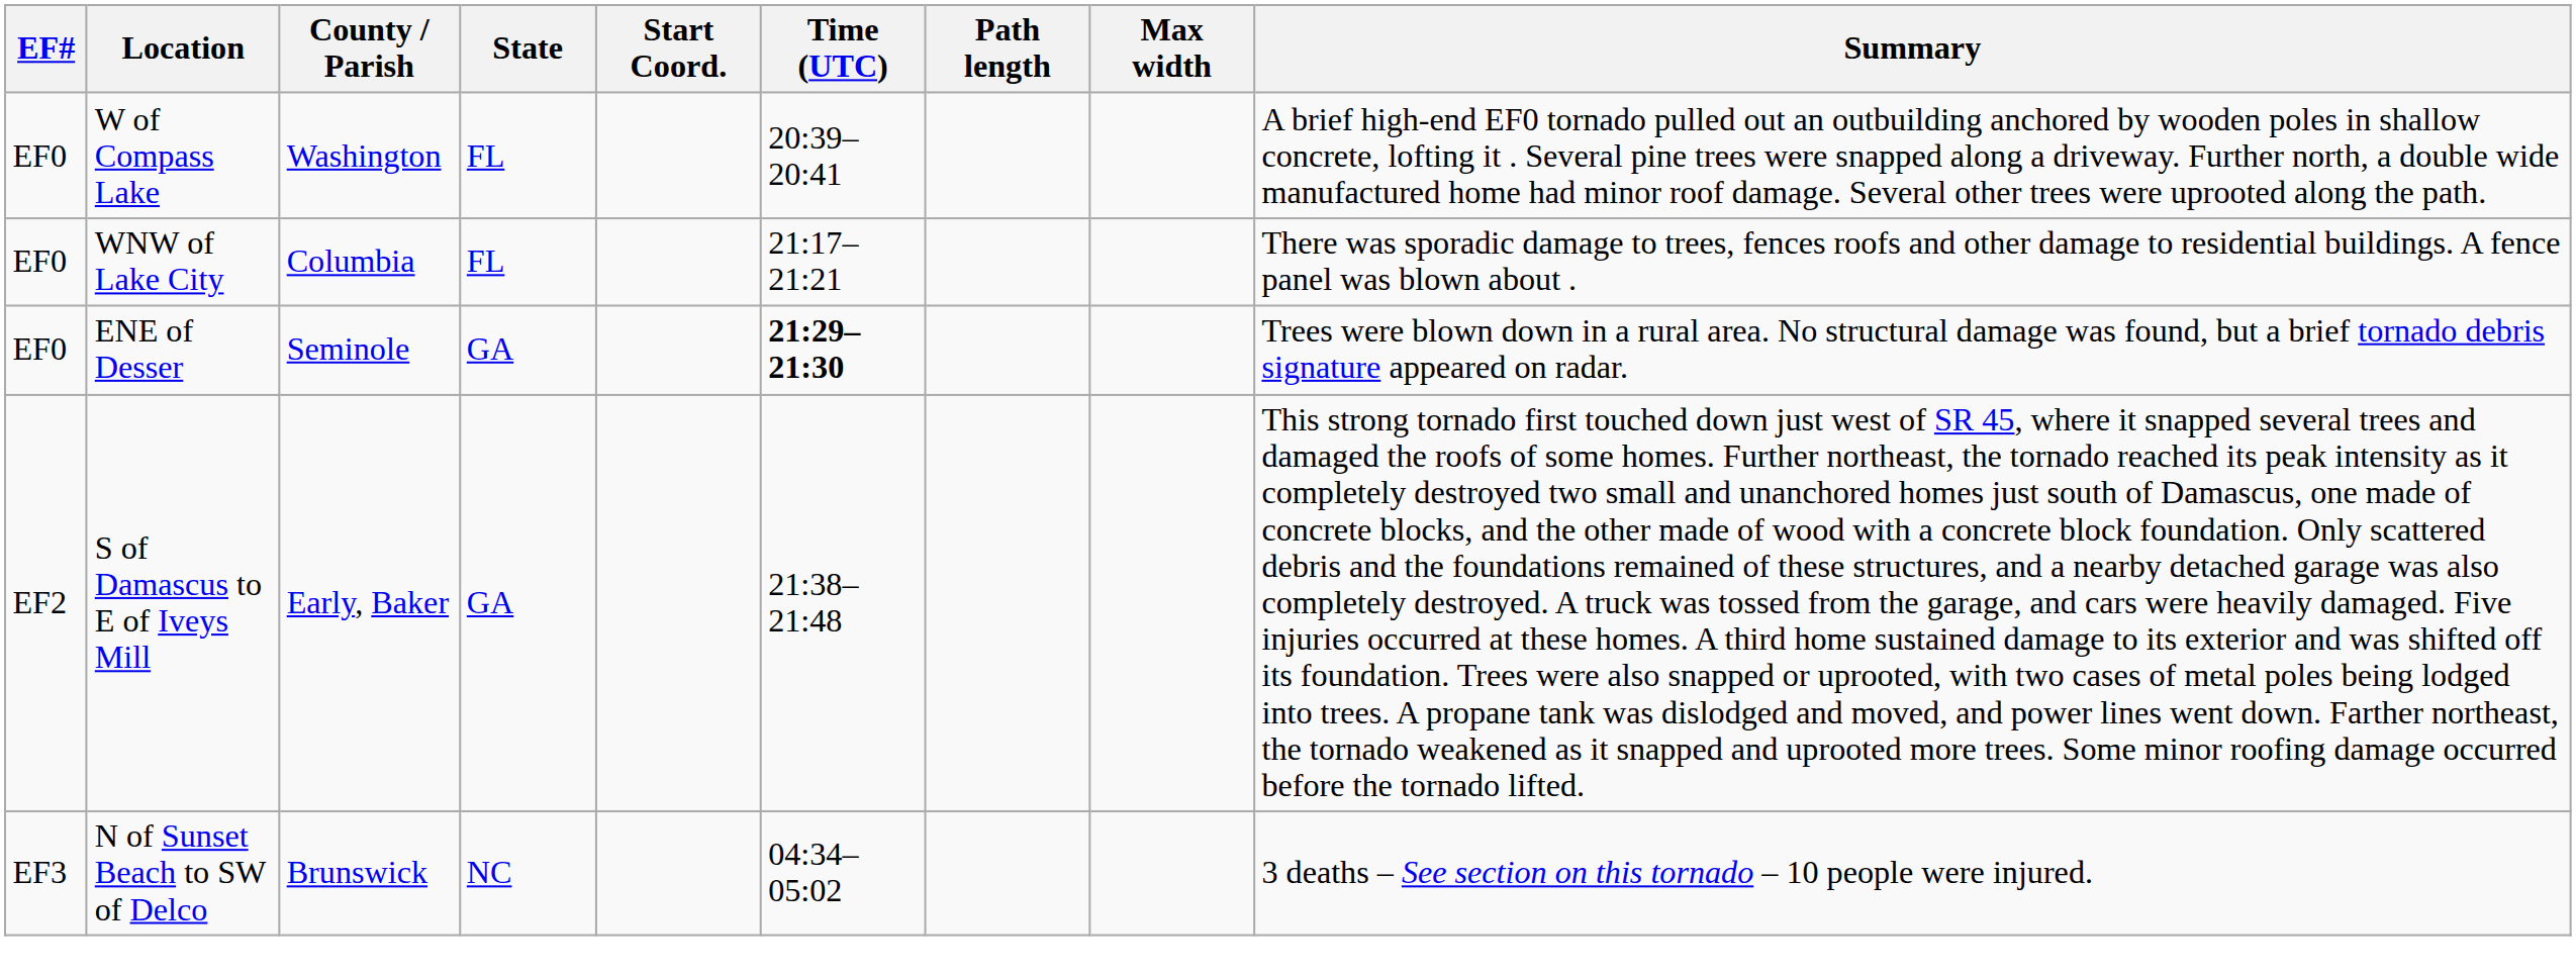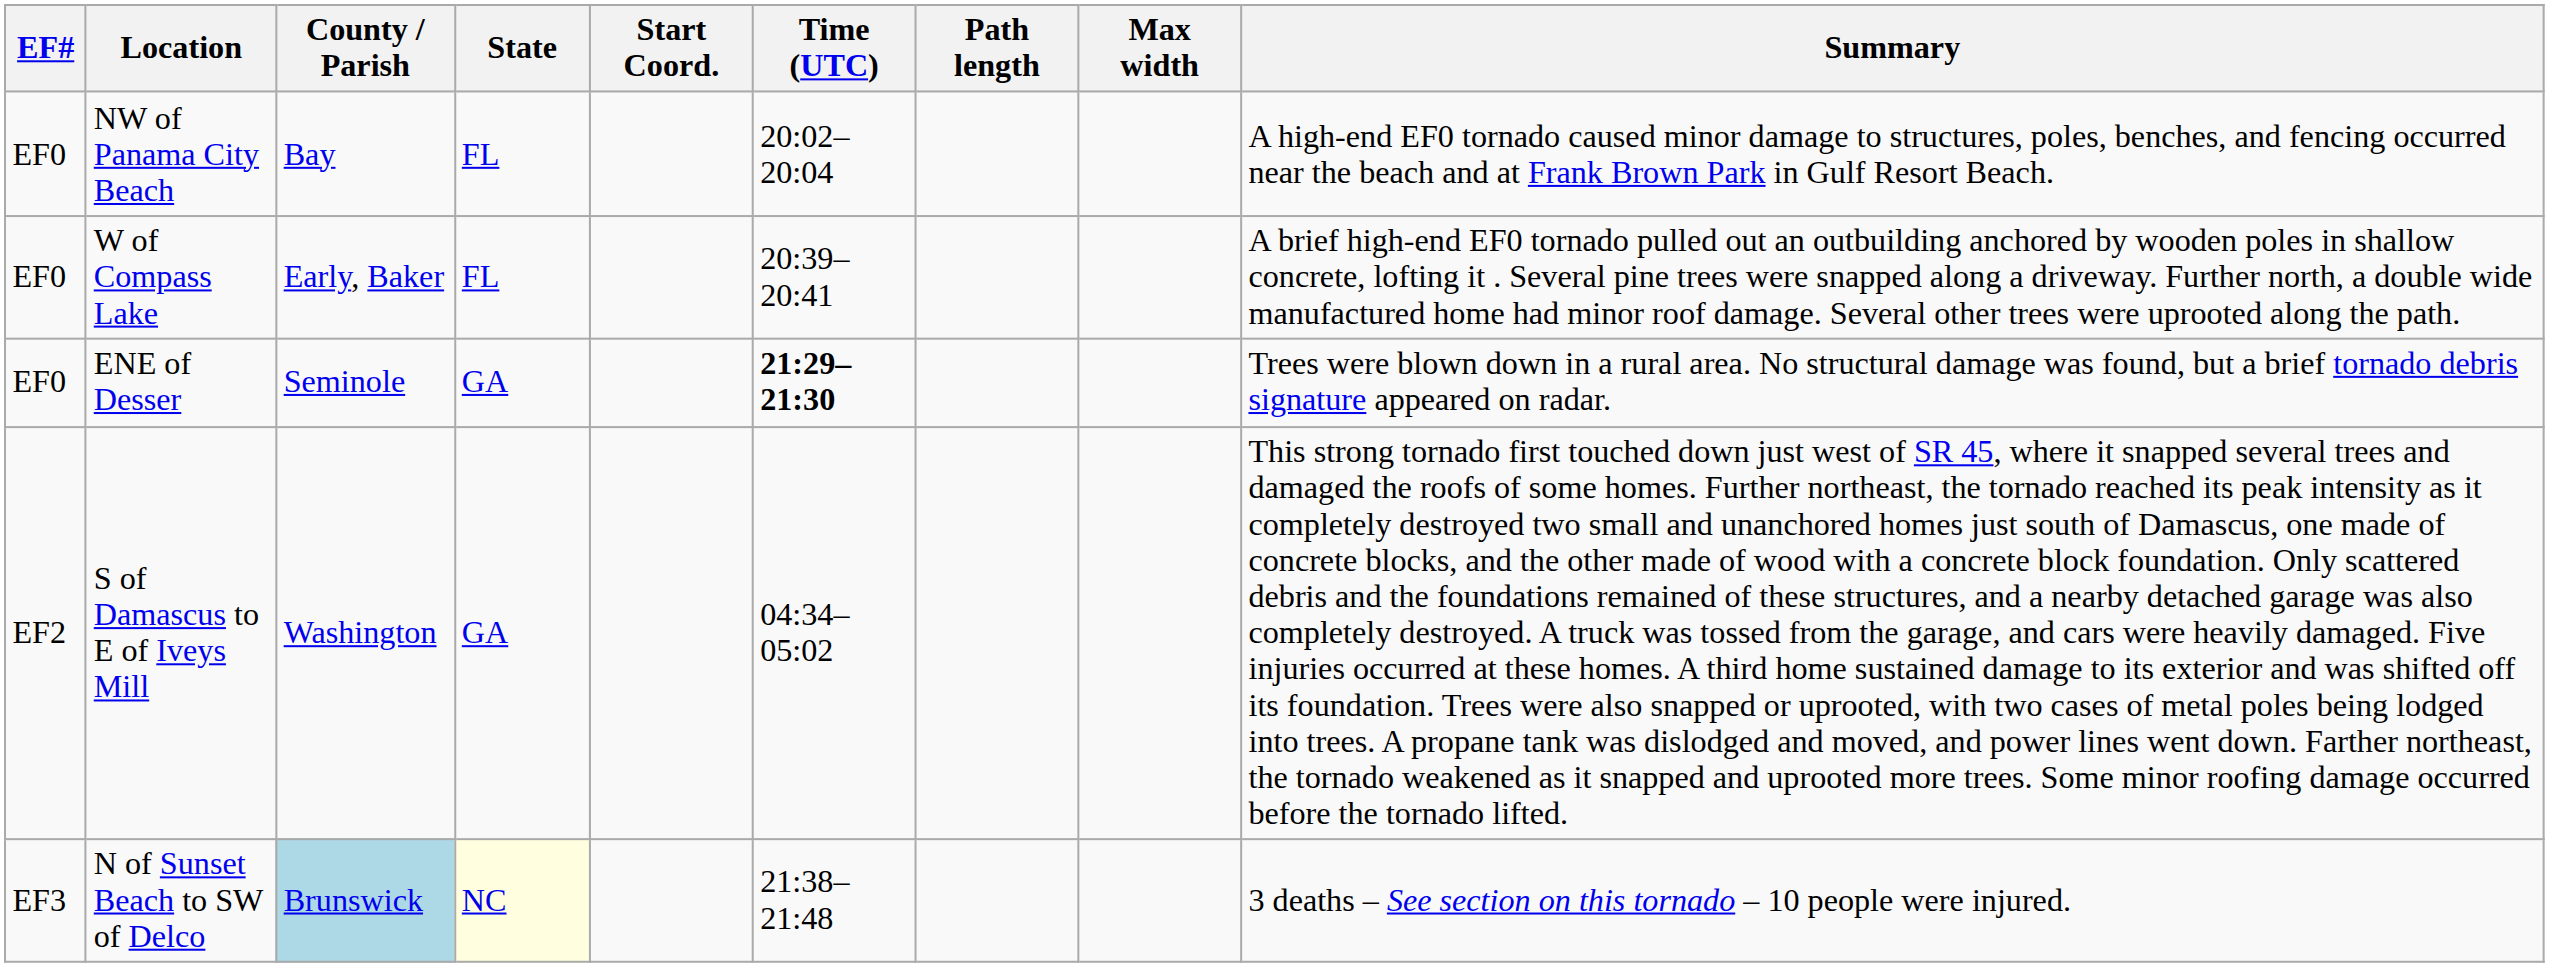 <table class="wikitable sortable" style="width:100%;">
 <tr>
 <th scope="col"  style="width:3%; text-align:center;"><a href='#'>EF#</a></th>
 <th scope="col"  style="width:7%; text-align:center;" class="unsortable">Location</th>
 <th scope="col"  style="width:6%; text-align:center;" class="unsortable">County / Parish</th>
 <th scope="col"  style="width:5%; text-align:center;">State</th>
 <th scope="col"  style="width:6%; text-align:center;">Start Coord.</th>
 <th scope="col"  style="width:6%; text-align:center;">Time (<a href='#'>UTC</a>)</th>
 <th scope="col"  style="width:6%; text-align:center;">Path length</th>
 <th scope="col"  style="width:6%; text-align:center;">Max width</th>
 <th scope="col" class="unsortable" style="width:48%; text-align:center;">Summary</th>
 </tr>
 <tr>
 <td>EF0</td>
+<td>NW of <a href='#'>Panama City Beach</a></td>
+<td><a href='#'>Bay</a></td>
+<td><a href='#'>FL</a></td>
+<td></td>
+<td>20:02–20:04</td>
+<td></td>
+<td></td>
+<td>A high-end EF0 tornado caused minor damage to structures, poles, benches, and fencing occurred near the beach and at <a href='#'>Frank Brown Park</a> in Gulf Resort Beach.</td>
+</tr>
+<tr>
+<td>EF0</td>
 <td>W of <a href='#'>Compass Lake</a></td>
-<td><a href='#'>Washington</a></td>
+<td><a href='#'>Early</a>, <a href='#'>Baker</a></td>
 <td><a href='#'>FL</a></td>
 <td></td>
 <td>20:39–20:41</td>
 <td></td>
 <td></td>
 <td>A brief high-end EF0 tornado pulled out an outbuilding anchored by wooden poles in shallow concrete, lofting it . Several pine trees were snapped along a driveway. Further north, a double wide manufactured home had minor roof damage. Several other trees were uprooted along the path.</td>
-</tr>
-<tr>
-<td>EF0</td>
-<td>WNW of <a href='#'>Lake City</a></td>
-<td><a href='#'>Columbia</a></td>
-<td><a href='#'>FL</a></td>
-<td></td>
-<td>21:17–21:21</td>
-<td></td>
-<td></td>
-<td>There was sporadic damage to trees, fences roofs and other damage to residential buildings. A fence panel was blown about .</td>
 </tr>
 <tr>
 <td>EF0</td>
 <td>ENE of <a href='#'>Desser</a></td>
 <td><a href='#'>Seminole</a></td>
 <td><a href='#'>GA</a></td>
 <td></td>
 <td><strong>21:29–21:30</strong></td>
 <td></td>
 <td></td>
 <td>Trees were blown down in a rural area. No structural damage was found, but a brief <a href='#'>tornado debris signature</a> appeared on radar.</td>
 </tr>
 <tr>
 <td>EF2</td>
 <td>S of <a href='#'>Damascus</a> to E of <a href='#'>Iveys Mill</a></td>
-<td><a href='#'>Early</a>, <a href='#'>Baker</a></td>
+<td><a href='#'>Washington</a></td>
 <td><a href='#'>GA</a></td>
 <td></td>
-<td>21:38–21:48</td>
+<td>04:34–05:02</td>
 <td></td>
 <td></td>
 <td>This strong tornado first touched down just west of <a href='#'>SR 45</a>, where it snapped several trees and damaged the roofs of some homes. Further northeast, the tornado reached its peak intensity as it completely destroyed two small and unanchored homes just south of Damascus, one made of concrete blocks, and the other made of wood with a concrete block foundation. Only scattered debris and the foundations remained of these structures, and a nearby detached garage was also completely destroyed. A truck was tossed from the garage, and cars were heavily damaged. Five injuries occurred at these homes. A third home sustained damage to its exterior and was shifted off its foundation. Trees were also snapped or uprooted, with two cases of metal poles being lodged into trees. A propane tank was dislodged and moved, and power lines went down. Farther northeast, the tornado weakened as it snapped and uprooted more trees. Some minor roofing damage occurred before the tornado lifted.</td>
 </tr>
 <tr>
 <td>EF3</td>
 <td>N of <a href='#'>Sunset Beach</a> to SW of <a href='#'>Delco</a></td>
-<td><a href='#'>Brunswick</a></td>
-<td><a href='#'>NC</a></td>
+<td style="background: lightblue;"><a href='#'>Brunswick</a></td>
+<td style="background: lightyellow;"><a href='#'>NC</a></td>
 <td></td>
-<td>04:34–05:02</td>
+<td>21:38–21:48</td>
 <td></td>
 <td></td>
 <td>3 deaths – <em><a href='#'>See section on this tornado</a></em> – 10 people were injured.</td>
 </tr>
 </table>
